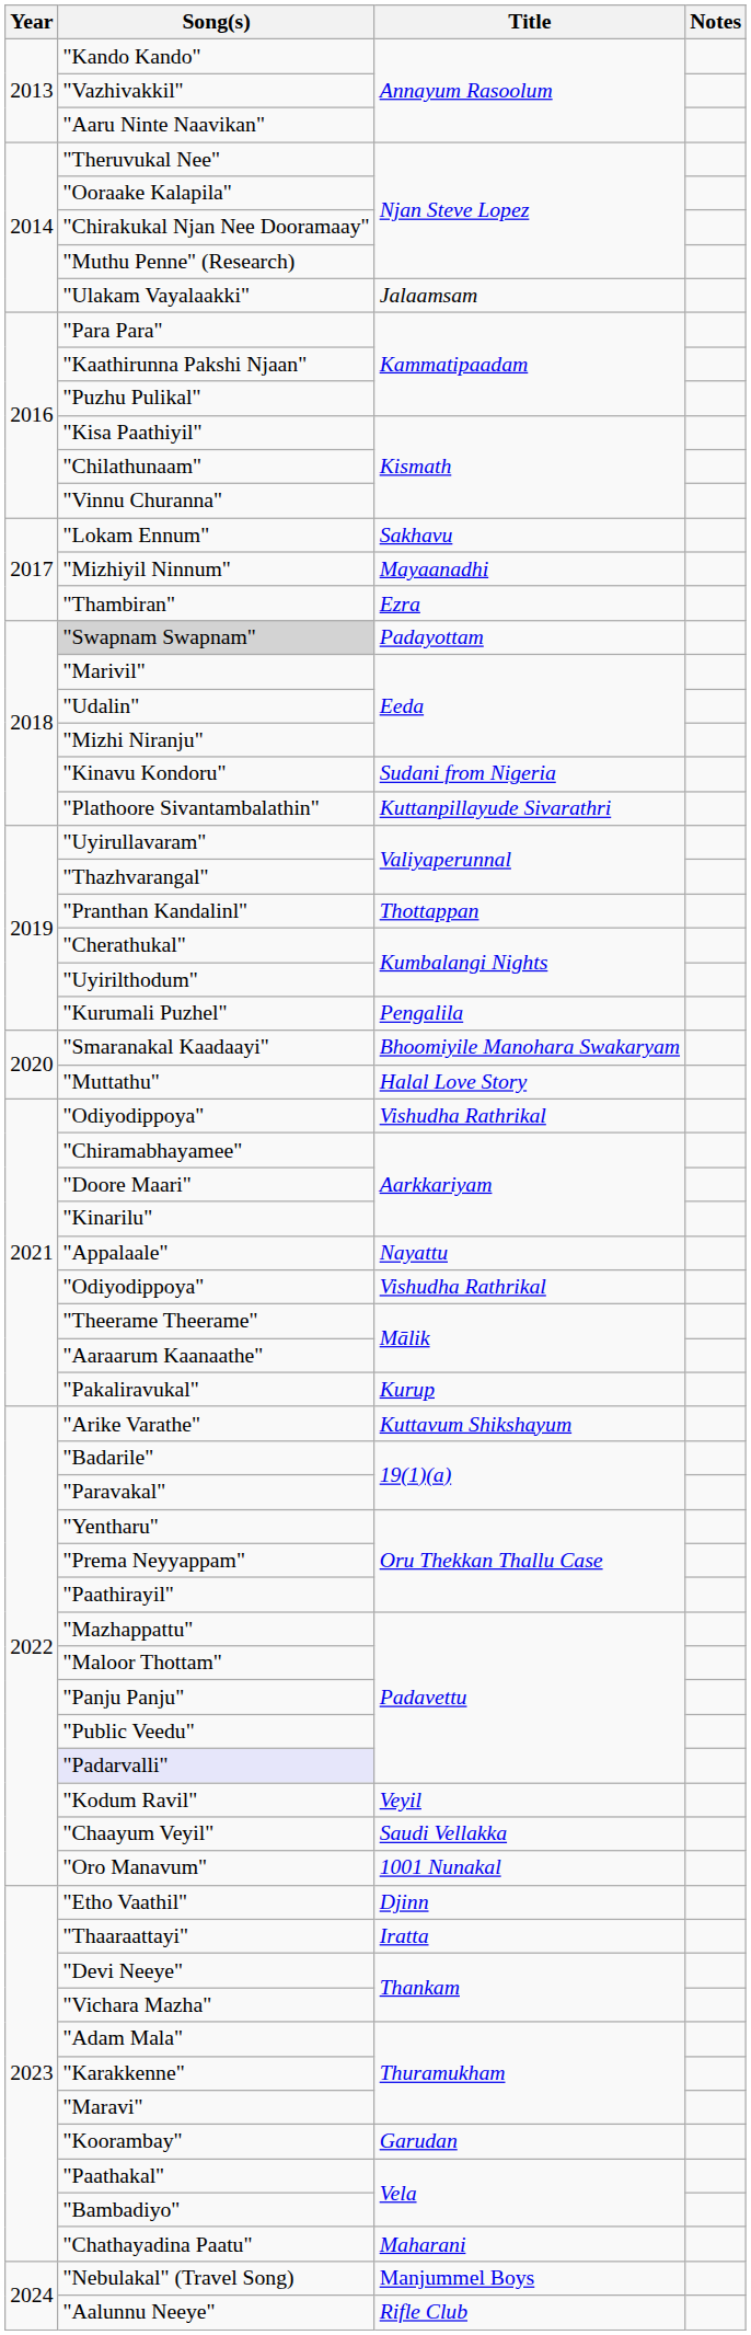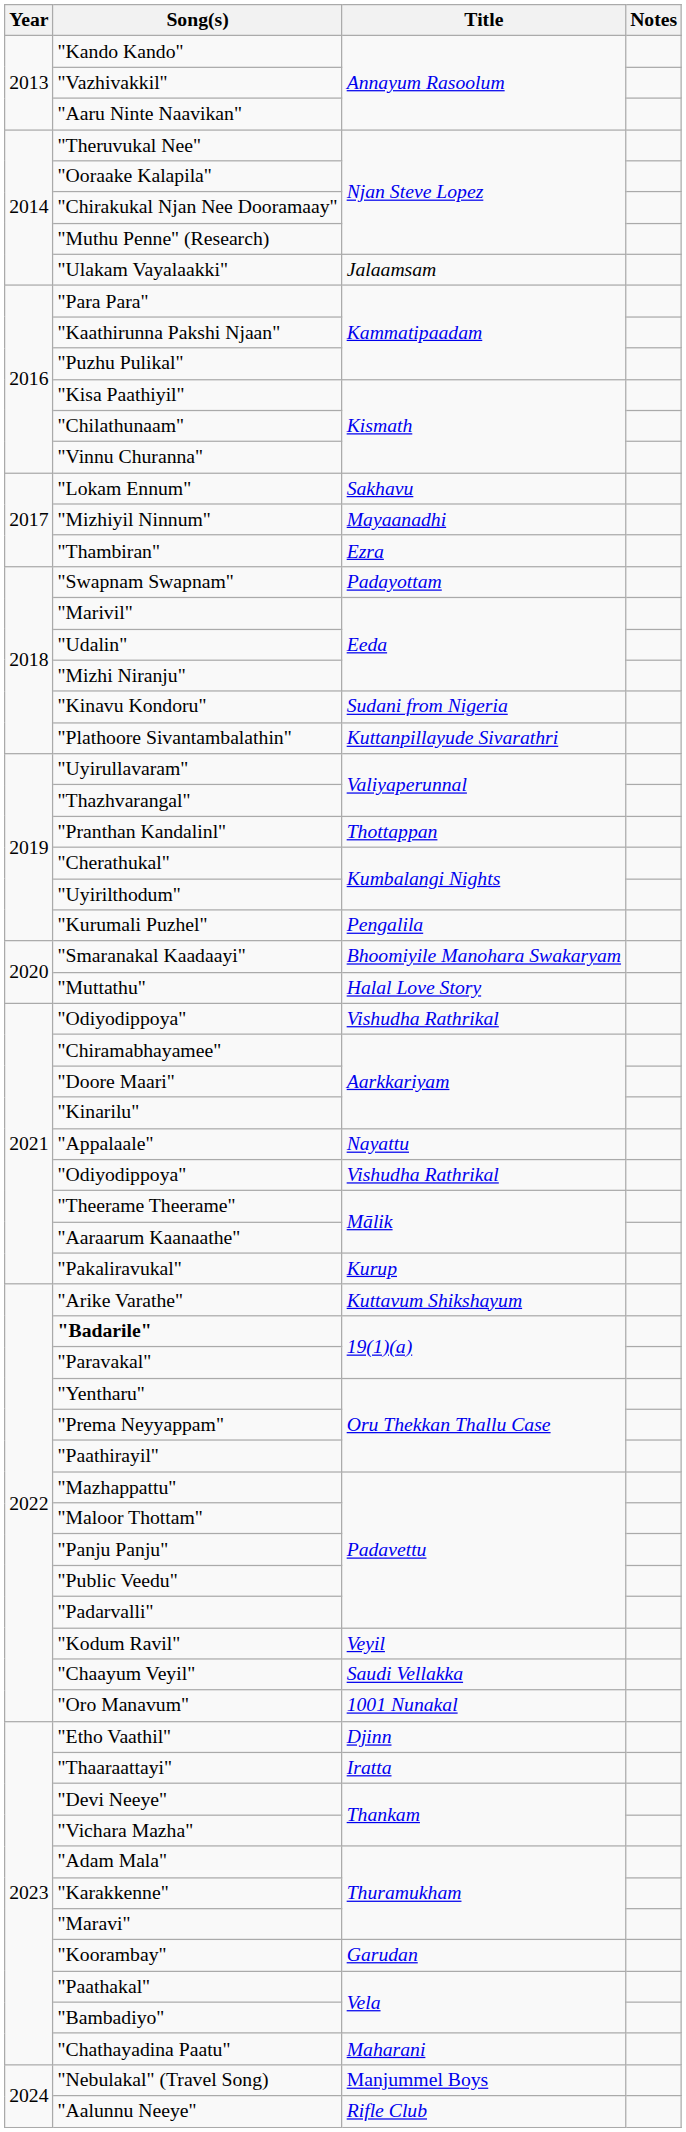 <table class="wikitable sortable">
 <tr>
 <th>Year</th>
 <th>Song(s)</th>
 <th>Title</th>
 <th>Notes</th>
 </tr>
 <tr>
 <td rowspan="3">2013</td>
 <td>"Kando Kando"</td>
 <td rowspan="3"><em><a href='#'>Annayum Rasoolum</a></em></td>
 <td></td>
 </tr>
 <tr>
 <td>"Vazhivakkil"</td>
 <td></td>
 </tr>
 <tr>
 <td>"Aaru Ninte Naavikan"</td>
 <td></td>
 </tr>
 <tr>
 <td rowspan="5">2014</td>
 <td>"Theruvukal Nee"</td>
 <td rowspan="4"><em><a href='#'>Njan Steve Lopez</a></em></td>
 <td></td>
 </tr>
 <tr>
 <td>"Ooraake Kalapila"</td>
 <td></td>
 </tr>
 <tr>
 <td>"Chirakukal Njan Nee Dooramaay"</td>
 <td></td>
 </tr>
 <tr>
 <td>"Muthu Penne" (Research)</td>
 <td></td>
 </tr>
 <tr>
 <td>"Ulakam Vayalaakki"</td>
 <td><em>Jalaamsam</em></td>
 <td></td>
 </tr>
 <tr>
 <td rowspan="6">2016</td>
 <td>"Para Para"</td>
 <td rowspan="3"><em><a href='#'>Kammatipaadam</a></em></td>
 <td></td>
 </tr>
 <tr>
 <td>"Kaathirunna Pakshi Njaan"</td>
 <td></td>
 </tr>
 <tr>
 <td>"Puzhu Pulikal"</td>
 <td></td>
 </tr>
 <tr>
 <td>"Kisa Paathiyil"</td>
 <td rowspan="3"><em><a href='#'>Kismath</a></em></td>
 <td></td>
 </tr>
 <tr>
 <td>"Chilathunaam"</td>
 <td></td>
 </tr>
 <tr>
 <td>"Vinnu Churanna"</td>
 <td></td>
 </tr>
 <tr>
 <td rowspan="3">2017</td>
 <td>"Lokam Ennum"</td>
 <td><a href='#'><em>Sakhavu</em></a></td>
 <td></td>
 </tr>
 <tr>
 <td>"Mizhiyil Ninnum"</td>
 <td><em><a href='#'>Mayaanadhi</a></em></td>
 <td></td>
 </tr>
 <tr>
 <td>"Thambiran"</td>
 <td><em><a href='#'>Ezra</a></em></td>
 <td></td>
 </tr>
 <tr>
 <td rowspan="6">2018</td>
-<td style="background: lightgrey;">"Swapnam Swapnam"</td>
+<td>"Swapnam Swapnam"</td>
 <td><a href='#'><em>Padayottam</em></a></td>
 <td></td>
 </tr>
 <tr>
 <td>"Marivil"</td>
 <td rowspan="3"><em><a href='#'>Eeda</a></em></td>
 <td></td>
 </tr>
 <tr>
 <td>"Udalin"</td>
 <td></td>
 </tr>
 <tr>
 <td>"Mizhi Niranju"</td>
 <td></td>
 </tr>
 <tr>
 <td>"Kinavu Kondoru"</td>
 <td><em><a href='#'>Sudani from Nigeria</a></em></td>
 <td></td>
 </tr>
 <tr>
 <td>"Plathoore Sivantambalathin"</td>
 <td><em><a href='#'>Kuttanpillayude Sivarathri</a></em></td>
 <td></td>
 </tr>
 <tr>
 <td rowspan="6">2019</td>
 <td>"Uyirullavaram"</td>
 <td rowspan="2"><em><a href='#'>Valiyaperunnal</a></em></td>
 <td></td>
 </tr>
 <tr>
 <td>"Thazhvarangal"</td>
 <td></td>
 </tr>
 <tr>
 <td>"Pranthan Kandalinl"</td>
 <td><em><a href='#'>Thottappan</a></em></td>
 <td></td>
 </tr>
 <tr>
 <td>"Cherathukal"</td>
 <td rowspan="2"><em><a href='#'>Kumbalangi Nights</a></em></td>
 <td></td>
 </tr>
 <tr>
 <td>"Uyirilthodum"</td>
 <td></td>
 </tr>
 <tr>
 <td>"Kurumali Puzhel"</td>
 <td><em><a href='#'>Pengalila</a></em></td>
 <td></td>
 </tr>
 <tr>
 <td rowspan="2">2020</td>
 <td>"Smaranakal Kaadaayi"</td>
 <td><em><a href='#'>Bhoomiyile Manohara Swakaryam</a></em></td>
 <td></td>
 </tr>
 <tr>
 <td>"Muttathu"</td>
 <td><em><a href='#'>Halal Love Story</a></em></td>
 <td></td>
 </tr>
 <tr>
 <td rowspan="9">2021</td>
 <td>"Odiyodippoya"</td>
 <td><em><a href='#'>Vishudha Rathrikal</a></em></td>
 <td></td>
 </tr>
 <tr>
 <td>"Chiramabhayamee"</td>
 <td rowspan="3"><em><a href='#'>Aarkkariyam</a></em></td>
 <td></td>
 </tr>
 <tr>
 <td>"Doore Maari"</td>
 <td></td>
 </tr>
 <tr>
 <td>"Kinarilu"</td>
 <td></td>
 </tr>
 <tr>
 <td>"Appalaale"</td>
 <td><a href='#'><em>Nayattu</em></a></td>
 <td></td>
 </tr>
 <tr>
 <td>"Odiyodippoya"</td>
 <td><em><a href='#'>Vishudha Rathrikal</a></em></td>
 <td></td>
 </tr>
 <tr>
 <td>"Theerame Theerame"</td>
 <td rowspan="2"><a href='#'><em>Mālik</em></a></td>
 <td></td>
 </tr>
 <tr>
 <td>"Aaraarum Kaanaathe"</td>
 <td></td>
 </tr>
 <tr>
 <td>"Pakaliravukal"</td>
 <td><a href='#'><em>Kurup</em></a></td>
 <td></td>
 </tr>
 <tr>
 <td rowspan="14">2022</td>
 <td>"Arike Varathe"</td>
 <td><a href='#'><em>Kuttavum Shikshayum</em></a></td>
 <td></td>
 </tr>
 <tr>
-<td>"Badarile"</td>
+<td><strong>"Badarile"</strong></td>
 <td rowspan=2><em><a href='#'>19(1)(a)</a></em></td>
 <td></td>
 </tr>
 <tr>
 <td>"Paravakal"</td>
 <td></td>
 </tr>
 <tr>
 <td>"Yentharu"</td>
 <td rowspan=3><em><a href='#'>Oru Thekkan Thallu Case</a></em></td>
 <td></td>
 </tr>
 <tr>
 <td>"Prema Neyyappam"</td>
 <td></td>
 </tr>
 <tr>
 <td>"Paathirayil"</td>
 <td></td>
 </tr>
 <tr>
 <td>"Mazhappattu"</td>
 <td rowspan=5><em><a href='#'>Padavettu</a></em></td>
 <td></td>
 </tr>
 <tr>
 <td>"Maloor Thottam"</td>
 <td></td>
 </tr>
 <tr>
 <td>"Panju Panju"</td>
 <td></td>
 </tr>
 <tr>
 <td>"Public Veedu"</td>
 <td></td>
 </tr>
 <tr>
-<td style="background: lavender;">"Padarvalli"</td>
+<td>"Padarvalli"</td>
 <td></td>
 </tr>
 <tr>
 <td>"Kodum Ravil"</td>
 <td><a href='#'><em>Veyil</em></a></td>
 <td></td>
 </tr>
 <tr>
 <td>"Chaayum Veyil"</td>
 <td><em><a href='#'>Saudi Vellakka</a></em></td>
 <td></td>
 </tr>
 <tr>
 <td>"Oro Manavum"</td>
 <td><em><a href='#'>1001 Nunakal</a></em></td>
 <td></td>
 </tr>
 <tr>
 <td rowspan="11">2023</td>
 <td>"Etho Vaathil"</td>
 <td><a href='#'><em>Djinn</em></a></td>
 <td></td>
 </tr>
 <tr>
 <td>"Thaaraattayi"</td>
 <td><em><a href='#'>Iratta</a></em></td>
 <td></td>
 </tr>
 <tr>
 <td>"Devi Neeye"</td>
 <td rowspan="2"><a href='#'><em>Thankam</em></a></td>
 <td></td>
 </tr>
 <tr>
 <td>"Vichara Mazha"</td>
 <td></td>
 </tr>
 <tr>
 <td>"Adam Mala"</td>
 <td rowspan="3"><a href='#'><em>Thuramukham</em></a></td>
 <td></td>
 </tr>
 <tr>
 <td>"Karakkenne"</td>
 <td></td>
 </tr>
 <tr>
 <td>"Maravi"</td>
 <td></td>
 </tr>
 <tr>
 <td>"Koorambay"</td>
 <td><a href='#'><em>Garudan</em></a></td>
 <td></td>
 </tr>
 <tr>
 <td>"Paathakal"</td>
 <td rowspan="2"><em><a href='#'>Vela</a></em></td>
 <td></td>
 </tr>
 <tr>
 <td>"Bambadiyo"</td>
 <td></td>
 </tr>
 <tr>
 <td>"Chathayadina Paatu"</td>
 <td><em><a href='#'>Maharani</a></em></td>
 <td></td>
 </tr>
 <tr>
 <td rowspan="2">2024</td>
 <td>"Nebulakal" (Travel Song)</td>
 <td><a href='#'>Manjummel Boys</a></td>
 <td></td>
 </tr>
 <tr>
 <td>"Aalunnu Neeye"</td>
 <td><em><a href='#'>Rifle Club</a></em></td>
 <td></td>
 </tr>
 </table>
